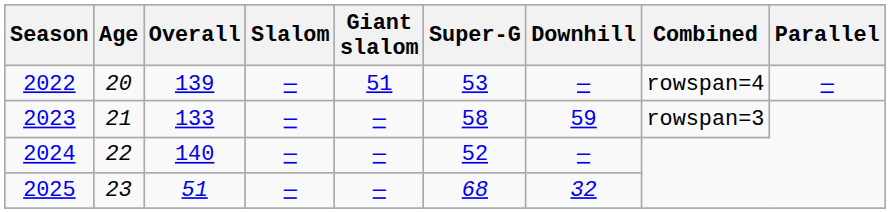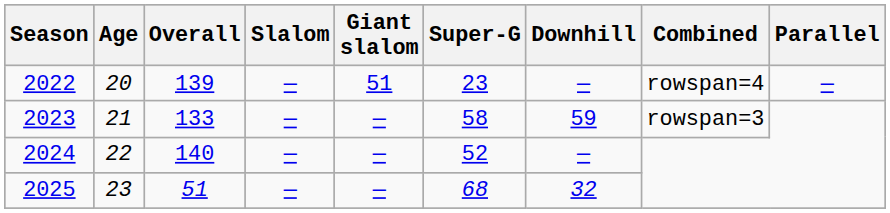 <table class=wikitable style="text-align:center">
 <tr>
 <th>Season</th>
 <th>Age</th>
 <th>Overall</th>
 <th>Slalom</th>
 <th>Giant<br>slalom</th>
 <th>Super-G</th>
 <th>Downhill</th>
 <th>Combined</th>
 <th>Parallel</th>
 </tr>
 <tr>
 <td><a href='#'>2022</a></td>
 <td><em>20</em></td>
 <td><a href='#'>139</a></td>
 <td><a href='#'>—</a></td>
 <td><a href='#'>51</a></td>
-<td><a href='#'>53</a></td>
+<td><a href='#'>23</a></td>
 <td><a href='#'>—</a></td>
 <td>rowspan=4</td>
 <td><a href='#'>—</a></td>
 </tr>
 <tr>
 <td><a href='#'>2023</a></td>
 <td><em>21</em></td>
 <td><a href='#'>133</a></td>
 <td><a href='#'>—</a></td>
 <td><a href='#'>—</a></td>
 <td><a href='#'>58</a></td>
 <td><a href='#'>59</a></td>
 <td>rowspan=3 </td>
 </tr>
 <tr>
 <td><a href='#'>2024</a></td>
 <td><em>22</em></td>
 <td><a href='#'>140</a></td>
 <td><a href='#'>—</a></td>
 <td><a href='#'>—</a></td>
 <td><a href='#'>52</a></td>
 <td><a href='#'>—</a></td>
 </tr>
 <tr>
 <td><a href='#'>2025</a></td>
 <td><em>23</em></td>
 <td><a href='#'><em>51</em></a></td>
 <td><a href='#'>—</a></td>
 <td><a href='#'>—</a></td>
 <td><a href='#'><em>68</em></a></td>
 <td><a href='#'><em>32</em></a></td>
 </tr>
 </table>
